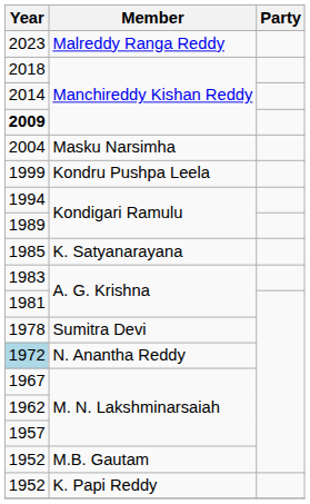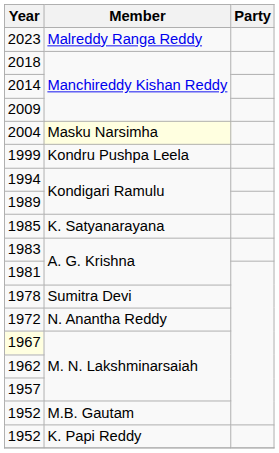 <table class="wikitable sortable">
 <tr>
 <th>Year</th>
 <th>Member</th>
 <th colspan=2>Party</th>
 </tr>
 <tr>
 <td>2023</td>
 <td><a href='#'>Malreddy Ranga Reddy</a></td>
 <td></td>
 </tr>
 <tr>
 <td>2018</td>
 <td rowspan=3><a href='#'>Manchireddy Kishan Reddy</a></td>
 <td></td>
 </tr>
 <tr>
 <td>2014</td>
 <td></td>
 </tr>
 <tr>
-<td><strong>2009</strong></td>
+<td>2009</td>
 </tr>
 <tr>
 <td>2004</td>
-<td>Masku Narsimha</td>
+<td style="background: lightyellow;">Masku Narsimha</td>
 <td></td>
 </tr>
 <tr>
 <td>1999</td>
 <td>Kondru Pushpa Leela</td>
 <td></td>
 </tr>
 <tr>
 <td>1994</td>
 <td rowspan=2>Kondigari Ramulu</td>
 <td></td>
 </tr>
 <tr>
 <td>1989</td>
 </tr>
 <tr>
 <td>1985</td>
 <td>K. Satyanarayana</td>
 <td></td>
 </tr>
 <tr>
 <td>1983</td>
 <td rowspan=2>A. G. Krishna</td>
 <td></td>
 </tr>
 <tr>
 <td>1981</td>
 </tr>
 <tr>
 <td>1978</td>
 <td>Sumitra Devi</td>
 </tr>
 <tr>
-<td style="background: lightblue;">1972</td>
+<td>1972</td>
 <td>N. Anantha Reddy</td>
 </tr>
 <tr>
-<td>1967</td>
+<td style="background: lightyellow;">1967</td>
 <td rowspan=3>M. N. Lakshminarsaiah</td>
 </tr>
 <tr>
 <td>1962</td>
 </tr>
 <tr>
 <td>1957</td>
 </tr>
 <tr>
 <td>1952</td>
 <td>M.B. Gautam</td>
 </tr>
 <tr>
 <td>1952</td>
 <td>K. Papi Reddy</td>
 <td></td>
 </tr>
 <tr>
 </tr>
 </table>
